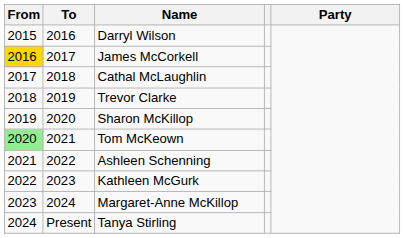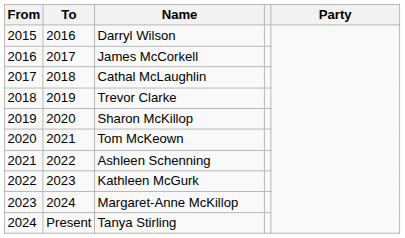 <table class="wikitable sortable">
 <tr>
 <th>From</th>
 <th>To</th>
 <th scope="col" width="200">Name</th>
 <th class="unsortable"></th>
 <th scope="col" width="150">Party</th>
 </tr>
 <tr>
 <td>2015</td>
 <td>2016</td>
 <td>Darryl Wilson</td>
 <td></td>
 </tr>
 <tr>
-<td style="background: gold;">2016</td>
+<td>2016</td>
 <td>2017</td>
 <td>James McCorkell</td>
 <td></td>
 </tr>
 <tr>
 <td>2017</td>
 <td>2018</td>
 <td>Cathal McLaughlin</td>
 <td></td>
 </tr>
 <tr>
 <td>2018</td>
 <td>2019</td>
 <td>Trevor Clarke</td>
 <td></td>
 </tr>
 <tr>
 <td>2019</td>
 <td>2020</td>
 <td>Sharon McKillop</td>
 <td></td>
 </tr>
 <tr>
-<td style="background: lightgreen;">2020</td>
+<td>2020</td>
 <td>2021</td>
 <td>Tom McKeown</td>
 <td></td>
 </tr>
 <tr>
 <td>2021</td>
 <td>2022</td>
 <td>Ashleen Schenning</td>
 <td></td>
 </tr>
 <tr>
 <td>2022</td>
 <td>2023</td>
 <td>Kathleen McGurk</td>
 <td></td>
 </tr>
 <tr>
 <td>2023</td>
 <td>2024</td>
 <td>Margaret-Anne McKillop</td>
 <td></td>
 </tr>
 <tr>
 <td>2024</td>
 <td>Present</td>
 <td>Tanya Stirling</td>
 <td></td>
 </tr>
 </table>
